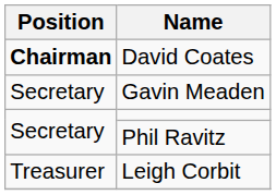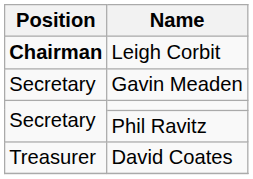 <table class="wikitable">
 <tr>
 <th>Position</th>
 <th>Name</th>
 </tr>
 <tr>
 <td><strong>Chairman</strong></td>
-<td> David Coates</td>
+<td> Leigh Corbit</td>
 </tr>
 <tr>
 <td>Secretary</td>
 <td> Gavin Meaden</td>
 </tr>
 <tr>
 <td rowspan=2 colspan=1>Secretary</td>
 <td></td>
 </tr>
 <tr>
 <td> Phil Ravitz</td>
 </tr>
 <tr>
 <td>Treasurer</td>
-<td> Leigh Corbit</td>
+<td> David Coates</td>
 </tr>
 <tr>
 </tr>
 </table>
